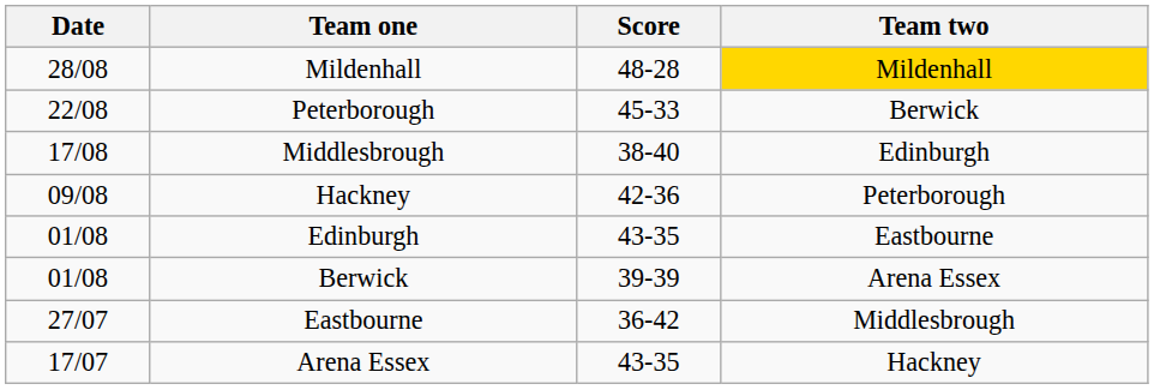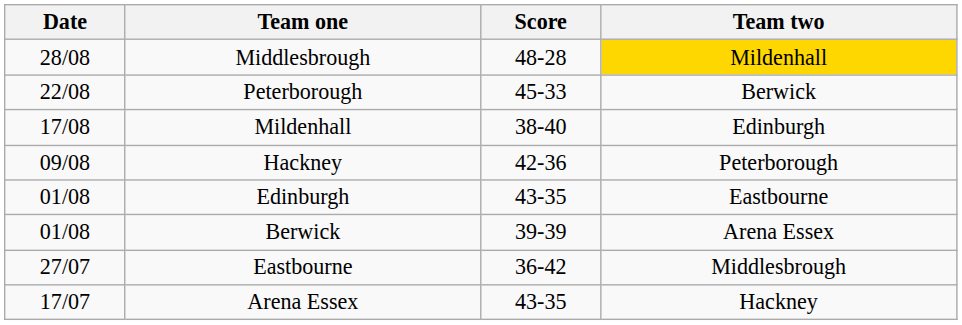 <table class="wikitable" style="text-align: center">
 <tr>
 <th width=80>Date</th>
 <th width=250>Team one</th>
 <th width=80>Score</th>
 <th width=250>Team two</th>
 </tr>
 <tr>
 <td>28/08</td>
-<td>Mildenhall</td>
+<td>Middlesbrough</td>
 <td>48-28</td>
 <td style="background: gold;">Mildenhall</td>
 </tr>
 <tr>
 <td>22/08</td>
 <td>Peterborough</td>
 <td>45-33</td>
 <td>Berwick</td>
 </tr>
 <tr>
 <td>17/08</td>
-<td>Middlesbrough</td>
+<td>Mildenhall</td>
 <td>38-40</td>
 <td>Edinburgh</td>
 </tr>
 <tr>
 <td>09/08</td>
 <td>Hackney</td>
 <td>42-36</td>
 <td>Peterborough</td>
 </tr>
 <tr>
 <td>01/08</td>
 <td>Edinburgh</td>
 <td>43-35</td>
 <td>Eastbourne</td>
 </tr>
 <tr>
 <td>01/08</td>
 <td>Berwick</td>
 <td>39-39</td>
 <td>Arena Essex</td>
 </tr>
 <tr>
 <td>27/07</td>
 <td>Eastbourne</td>
 <td>36-42</td>
 <td>Middlesbrough</td>
 </tr>
 <tr>
 <td>17/07</td>
 <td>Arena Essex</td>
 <td>43-35</td>
 <td>Hackney</td>
 </tr>
 </table>
